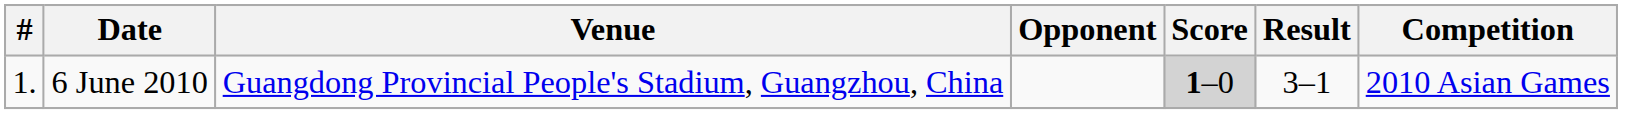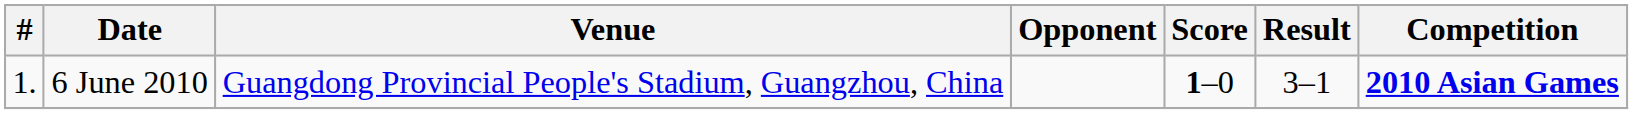 <table class="wikitable collapsible collapsed">
 <tr>
 <th>#</th>
 <th>Date</th>
 <th>Venue</th>
 <th>Opponent</th>
 <th>Score</th>
 <th>Result</th>
 <th>Competition</th>
 </tr>
 <tr>
 <td>1.</td>
 <td>6 June 2010</td>
 <td><a href='#'>Guangdong Provincial People's Stadium</a>, <a href='#'>Guangzhou</a>, <a href='#'>China</a></td>
 <td></td>
-<td align=center style="background: lightgrey;"><strong>1</strong>–0</td>
+<td align=center><strong>1</strong>–0</td>
 <td align=center>3–1</td>
-<td><a href='#'>2010 Asian Games</a></td>
+<td><strong><a href='#'>2010 Asian Games</a></strong></td>
 </tr>
 <tr>
 </tr>
 </table>
